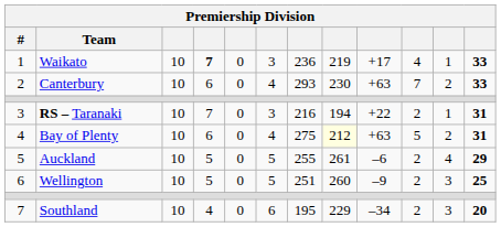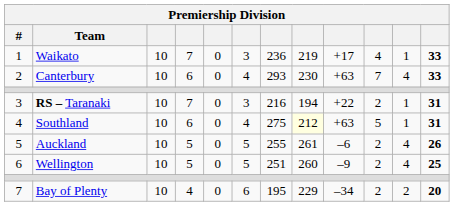 <table class="wikitable" width="550px" style="text-align: center">
 <tr>
 <th colspan="12">Premiership Division</th>
 </tr>
 <tr>
 <th style="width:5%">#</th>
 <th style="width:20%">Team</th>
 <th style="width:5%"></th>
 <th style="width:5%"></th>
 <th style="width:5%"></th>
 <th style="width:5%"></th>
 <th style="width:5%"></th>
 <th style="width:5%"></th>
 <th style="width:7%"></th>
 <th style="width:5%"></th>
 <th style="width:5%"></th>
 <th style="width:5%"></th>
 </tr>
 <tr>
 <td>1</td>
 <td style="text-align:left"><a href='#'>Waikato</a></td>
 <td>10</td>
-<td><strong>7</strong></td>
+<td>7</td>
 <td>0</td>
 <td>3</td>
 <td>236</td>
 <td>219</td>
 <td>+17</td>
 <td>4</td>
 <td>1</td>
 <td><strong>33</strong></td>
 </tr>
 <tr>
 <td>2</td>
 <td style="text-align:left"><a href='#'>Canterbury</a></td>
 <td>10</td>
 <td>6</td>
 <td>0</td>
 <td>4</td>
 <td>293</td>
 <td>230</td>
 <td>+63</td>
 <td>7</td>
-<td>2</td>
+<td>4</td>
 <td><strong>33</strong></td>
 </tr>
 <tr>
 <td colspan=12 style="background-color:#DDDDDD"></td>
 </tr>
 <tr>
 <td>3</td>
 <td style="text-align:left"><strong>RS –</strong> <a href='#'>Taranaki</a></td>
 <td>10</td>
 <td>7</td>
 <td>0</td>
 <td>3</td>
 <td>216</td>
 <td>194</td>
 <td>+22</td>
 <td>2</td>
 <td>1</td>
 <td><strong>31</strong></td>
 </tr>
 <tr>
 <td>4</td>
-<td style="text-align:left"><a href='#'>Bay of Plenty</a></td>
+<td style="text-align:left"><a href='#'>Southland</a></td>
 <td>10</td>
 <td>6</td>
 <td>0</td>
 <td>4</td>
 <td>275</td>
 <td style="background: lightyellow;">212</td>
 <td>+63</td>
 <td>5</td>
-<td>2</td>
+<td>1</td>
 <td><strong>31</strong></td>
 </tr>
 <tr>
 <td>5</td>
 <td style="text-align:left"><a href='#'>Auckland</a></td>
 <td>10</td>
 <td>5</td>
 <td>0</td>
 <td>5</td>
 <td>255</td>
 <td>261</td>
 <td>–6</td>
 <td>2</td>
 <td>4</td>
-<td><strong>29</strong></td>
+<td><strong>26</strong></td>
 </tr>
 <tr>
 <td>6</td>
 <td style="text-align:left"><a href='#'>Wellington</a></td>
 <td>10</td>
 <td>5</td>
 <td>0</td>
 <td>5</td>
 <td>251</td>
 <td>260</td>
 <td>–9</td>
 <td>2</td>
-<td>3</td>
+<td>4</td>
 <td><strong>25</strong></td>
 </tr>
 <tr>
 <td colspan=12 style="background-color:#DDDDDD"></td>
 </tr>
 <tr>
 <td>7</td>
-<td style="text-align:left"><a href='#'>Southland</a></td>
+<td style="text-align:left"><a href='#'>Bay of Plenty</a></td>
 <td>10</td>
 <td>4</td>
 <td>0</td>
 <td>6</td>
 <td>195</td>
 <td>229</td>
 <td>–34</td>
 <td>2</td>
-<td>3</td>
+<td>2</td>
 <td><strong>20</strong></td>
 </tr>
 </table>
